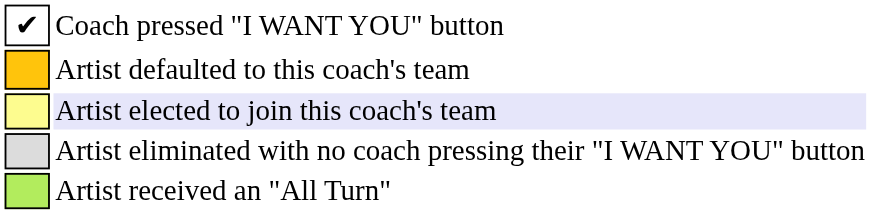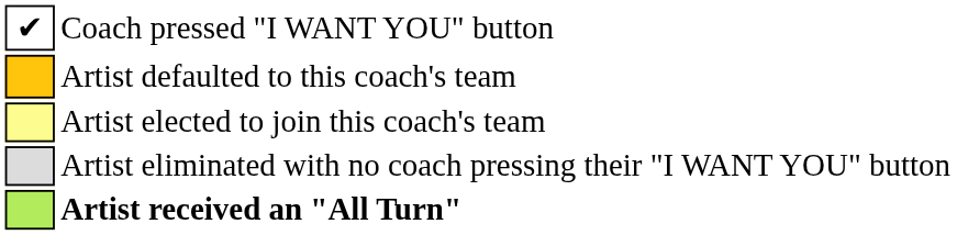 <table class="toccolours" style="font-size: 100%; white-space: nowrap">
 <tr>
 <td style="background:white; border:1px solid black"> ✔ </td>
 <td>Coach pressed "I WANT YOU" button</td>
 </tr>
 <tr>
 <td style="background:#FFC40C; border: 1px solid black">    </td>
 <td>Artist defaulted to this coach's team</td>
 </tr>
 <tr>
 <td style="background:#fdfc8f; border: 1px solid black"></td>
-<td style="background: lavender;">Artist elected to join this coach's team</td>
+<td>Artist elected to join this coach's team</td>
 </tr>
 <tr>
 <td style="background:#DCDCDC; border: 1px solid black"></td>
 <td>Artist eliminated with no coach pressing their "I WANT YOU" button</td>
 </tr>
 <tr>
 <td style="background:#B2EC5D; border: 1px solid black"></td>
-<td>Artist received an "All Turn"</td>
+<td><strong>Artist received an "All Turn"</strong></td>
 </tr>
 </table>
